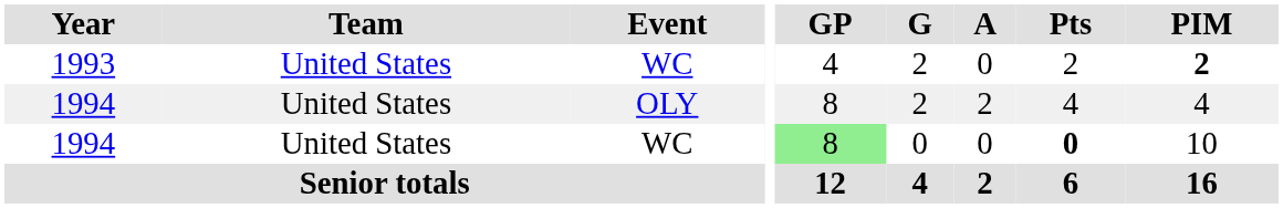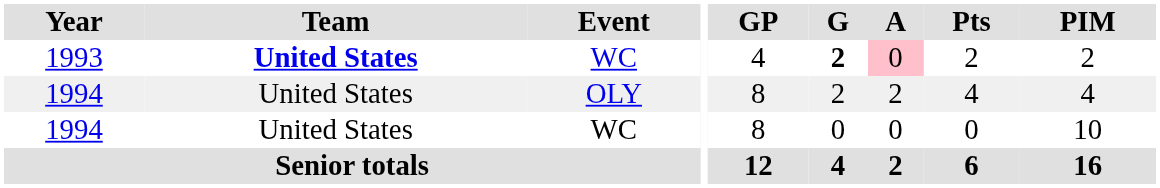 <table border="0" cellpadding="1" cellspacing="0" ID="Table3" style="text-align:center; width:40em">
 <tr bgcolor="#e0e0e0">
 <th>Year</th>
 <th>Team</th>
 <th>Event</th>
 <th rowspan="102" bgcolor="#ffffff"></th>
 <th>GP</th>
 <th>G</th>
 <th>A</th>
 <th>Pts</th>
 <th>PIM</th>
 </tr>
 <tr>
 <td><a href='#'>1993</a></td>
-<td><a href='#'>United States</a></td>
+<td><strong><a href='#'>United States</a></strong></td>
 <td><a href='#'>WC</a></td>
 <td>4</td>
+<td><strong>2</strong></td>
+<td style="background: pink;">0</td>
 <td>2</td>
-<td>0</td>
 <td>2</td>
-<td><strong>2</strong></td>
 </tr>
 <tr bgcolor="#f0f0f0">
 <td><a href='#'>1994</a></td>
 <td>United States</td>
 <td><a href='#'>OLY</a></td>
 <td>8</td>
 <td>2</td>
 <td>2</td>
 <td>4</td>
 <td>4</td>
 </tr>
 <tr>
 <td><a href='#'>1994</a></td>
 <td>United States</td>
 <td>WC</td>
-<td style="background: lightgreen;">8</td>
+<td>8</td>
 <td>0</td>
 <td>0</td>
-<td><strong>0</strong></td>
+<td>0</td>
 <td>10</td>
 </tr>
 <tr bgcolor="#e0e0e0">
 <th colspan=3>Senior totals</th>
 <th>12</th>
 <th>4</th>
 <th>2</th>
 <th>6</th>
 <th>16</th>
 </tr>
 </table>
